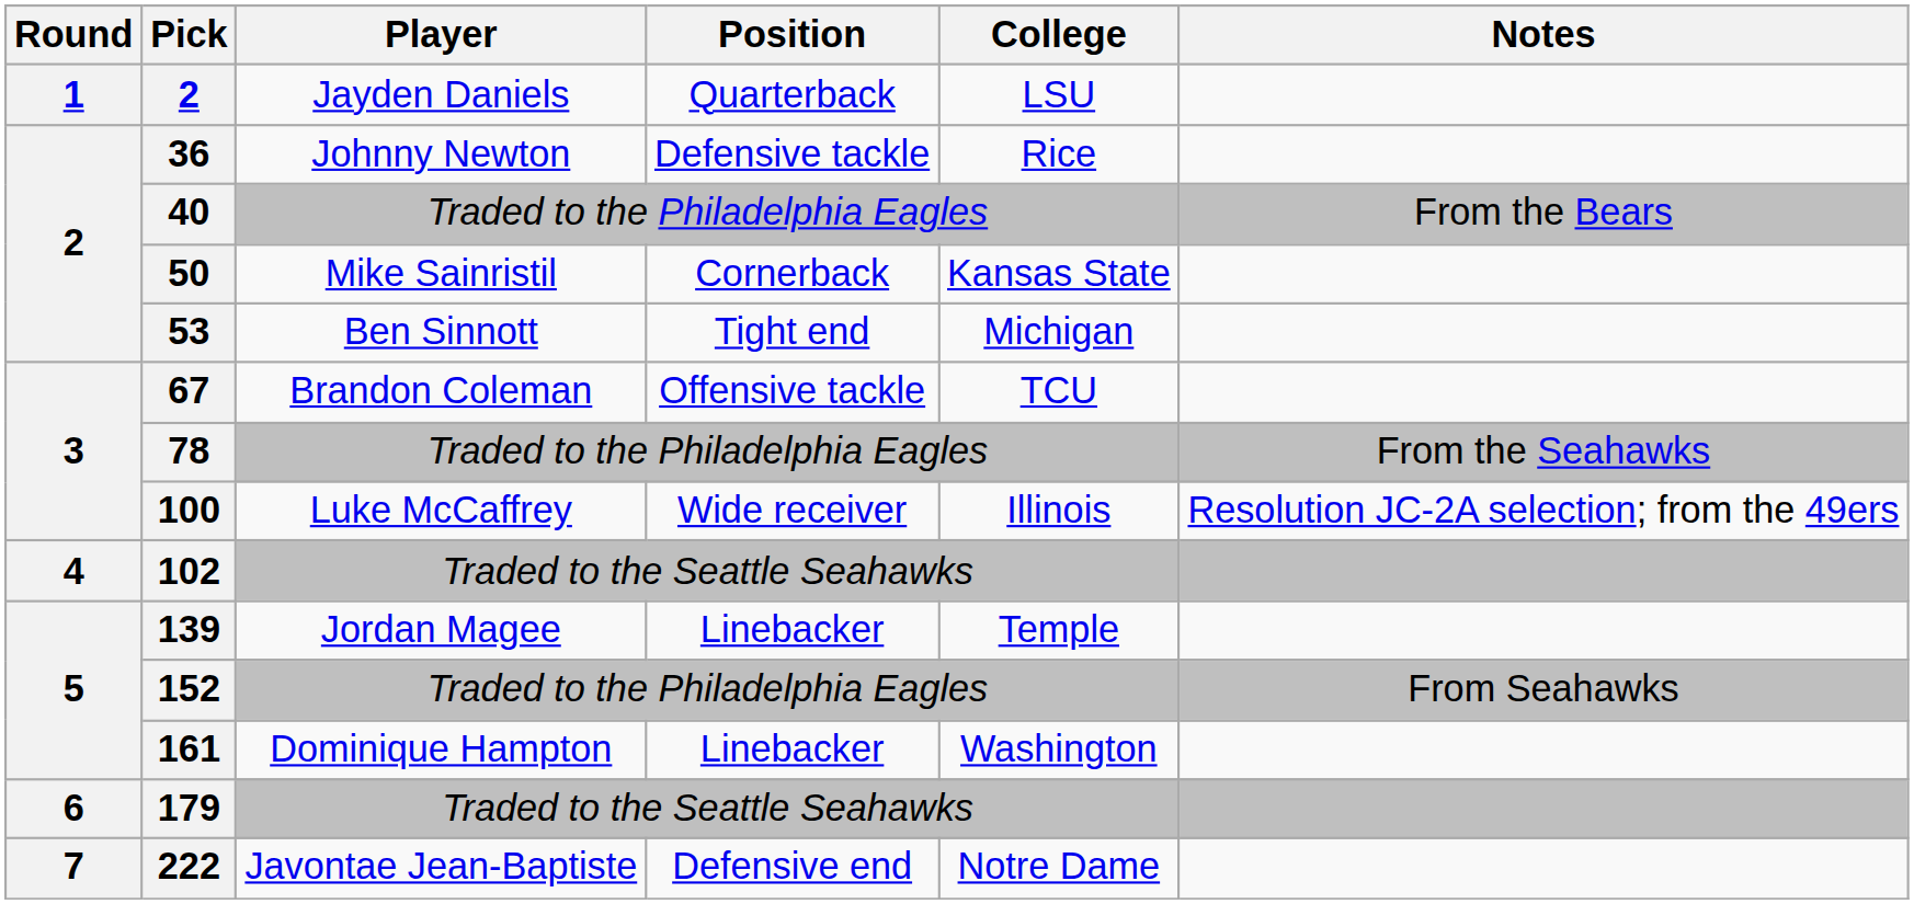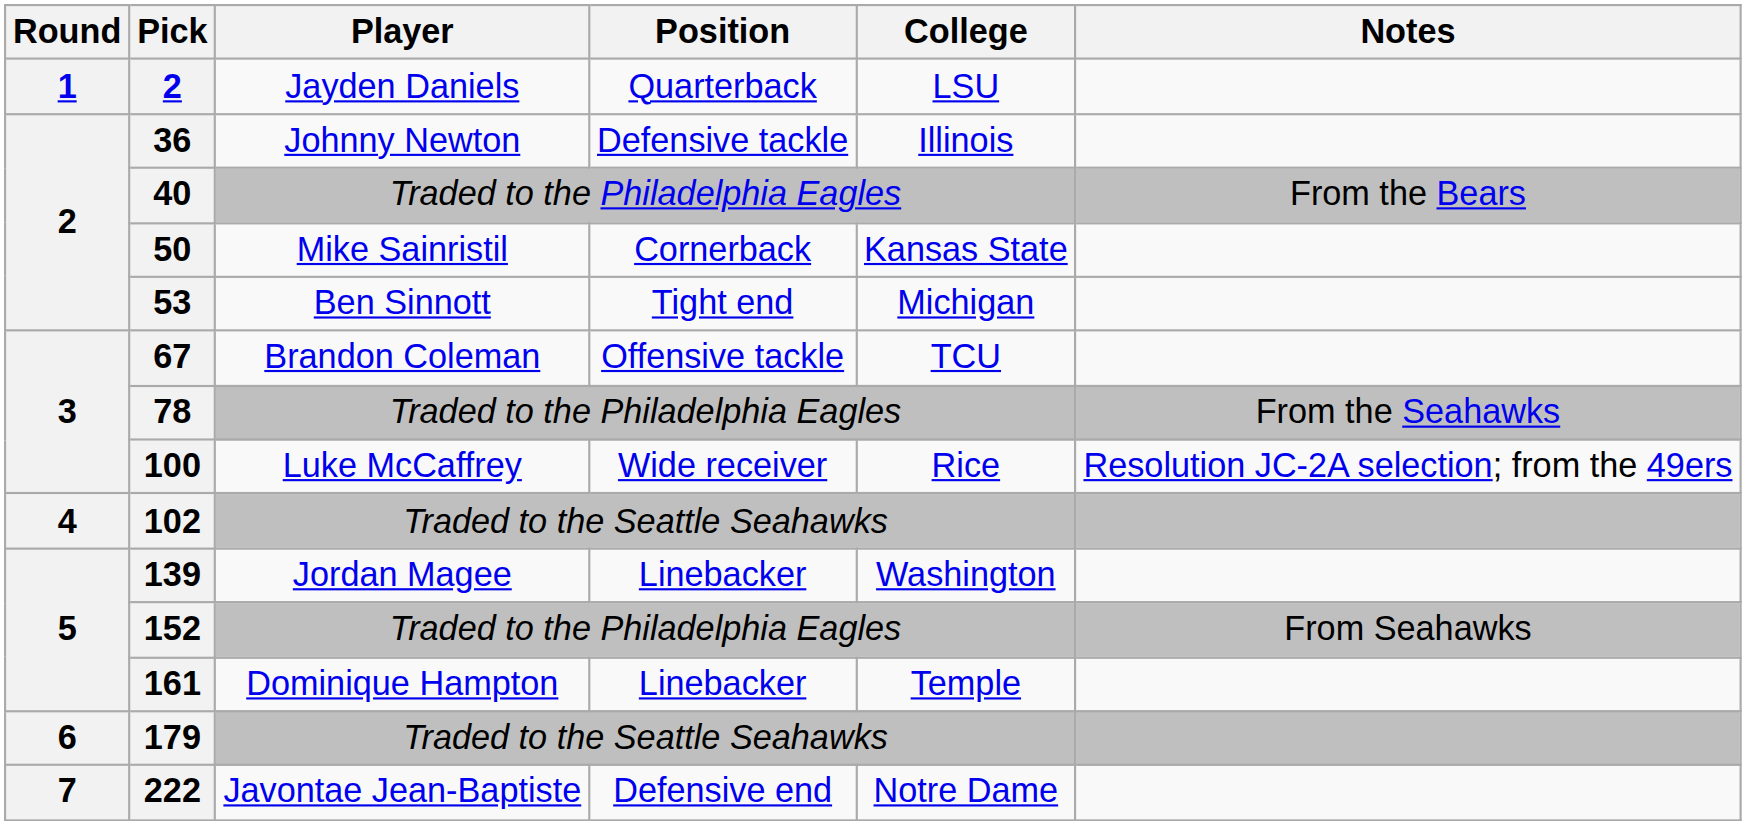 <table class="wikitable" style="text-align:center">
 <tr>
 <th>Round</th>
 <th>Pick</th>
 <th>Player</th>
 <th>Position</th>
 <th>College</th>
 <th>Notes</th>
 </tr>
 <tr>
 <th><a href='#'>1</a></th>
 <th><a href='#'>2</a></th>
 <td><a href='#'>Jayden Daniels</a></td>
 <td><a href='#'>Quarterback</a></td>
 <td><a href='#'>LSU</a></td>
 <td></td>
 </tr>
 <tr>
 <th rowspan="4">2</th>
 <th>36</th>
 <td><a href='#'>Johnny Newton</a></td>
 <td><a href='#'>Defensive tackle</a></td>
-<td><a href='#'>Rice</a></td>
+<td><a href='#'>Illinois</a></td>
 <td></td>
 </tr>
 <tr>
 <th>40</th>
 <td colspan="3" style="background:#BFBFBF"><em>Traded to the <a href='#'>Philadelphia Eagles</a></em></td>
 <td style="background:#BFBFBF">From the <a href='#'>Bears</a></td>
 </tr>
 <tr>
 <th>50</th>
 <td><a href='#'>Mike Sainristil</a></td>
 <td><a href='#'>Cornerback</a></td>
 <td><a href='#'>Kansas State</a></td>
 <td></td>
 </tr>
 <tr>
 <th>53</th>
 <td><a href='#'>Ben Sinnott</a></td>
 <td><a href='#'>Tight end</a></td>
 <td><a href='#'>Michigan</a></td>
 <td></td>
 </tr>
 <tr>
 <th rowspan="3">3</th>
 <th>67</th>
 <td><a href='#'>Brandon Coleman</a></td>
 <td><a href='#'>Offensive tackle</a></td>
 <td><a href='#'>TCU</a></td>
 <td></td>
 </tr>
 <tr>
 <th>78</th>
 <td colspan="3" style="background:#BFBFBF"><em>Traded to the Philadelphia Eagles</em></td>
 <td style="background:#BFBFBF">From the <a href='#'>Seahawks</a></td>
 </tr>
 <tr>
 <th>100</th>
 <td><a href='#'>Luke McCaffrey</a></td>
 <td><a href='#'>Wide receiver</a></td>
-<td><a href='#'>Illinois</a></td>
+<td><a href='#'>Rice</a></td>
 <td><a href='#'>Resolution JC-2A selection</a>; from the <a href='#'>49ers</a></td>
 </tr>
 <tr>
 <th>4</th>
 <th>102</th>
 <td colspan="3" style="background:#BFBFBF"><em>Traded to the Seattle Seahawks</em></td>
 <td style="background:#BFBFBF"></td>
 </tr>
 <tr>
 <th rowspan="3">5</th>
 <th>139</th>
 <td><a href='#'>Jordan Magee</a></td>
 <td><a href='#'>Linebacker</a></td>
-<td><a href='#'>Temple</a></td>
+<td><a href='#'>Washington</a></td>
 <td></td>
 </tr>
 <tr>
 <th>152</th>
 <td colspan="3" style="background:#BFBFBF"><em>Traded to the Philadelphia Eagles</em></td>
 <td style="background:#BFBFBF">From Seahawks</td>
 </tr>
 <tr>
 <th>161</th>
 <td><a href='#'>Dominique Hampton</a></td>
 <td><a href='#'>Linebacker</a></td>
-<td><a href='#'>Washington</a></td>
+<td><a href='#'>Temple</a></td>
 <td></td>
 </tr>
 <tr>
 <th>6</th>
 <th>179</th>
 <td colspan="3" style="background:#BFBFBF"><em>Traded to the Seattle Seahawks</em></td>
 <td style="background:#BFBFBF"></td>
 </tr>
 <tr>
 <th>7</th>
 <th>222</th>
 <td><a href='#'>Javontae Jean-Baptiste</a></td>
 <td><a href='#'>Defensive end</a></td>
 <td><a href='#'>Notre Dame</a></td>
 <td></td>
 </tr>
 </table>
